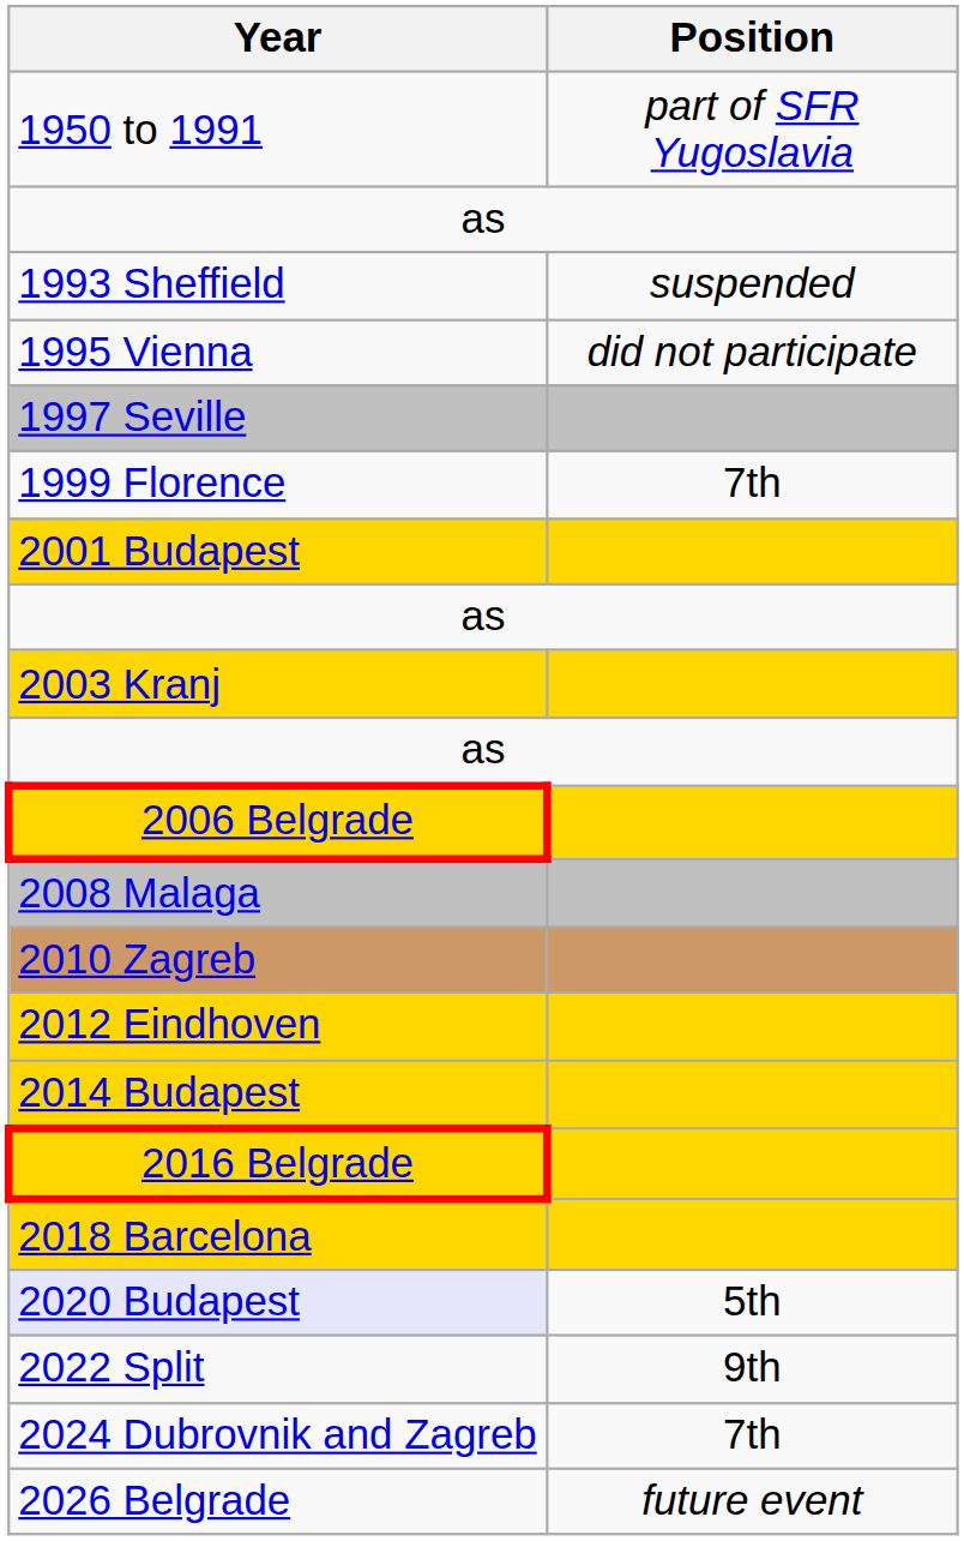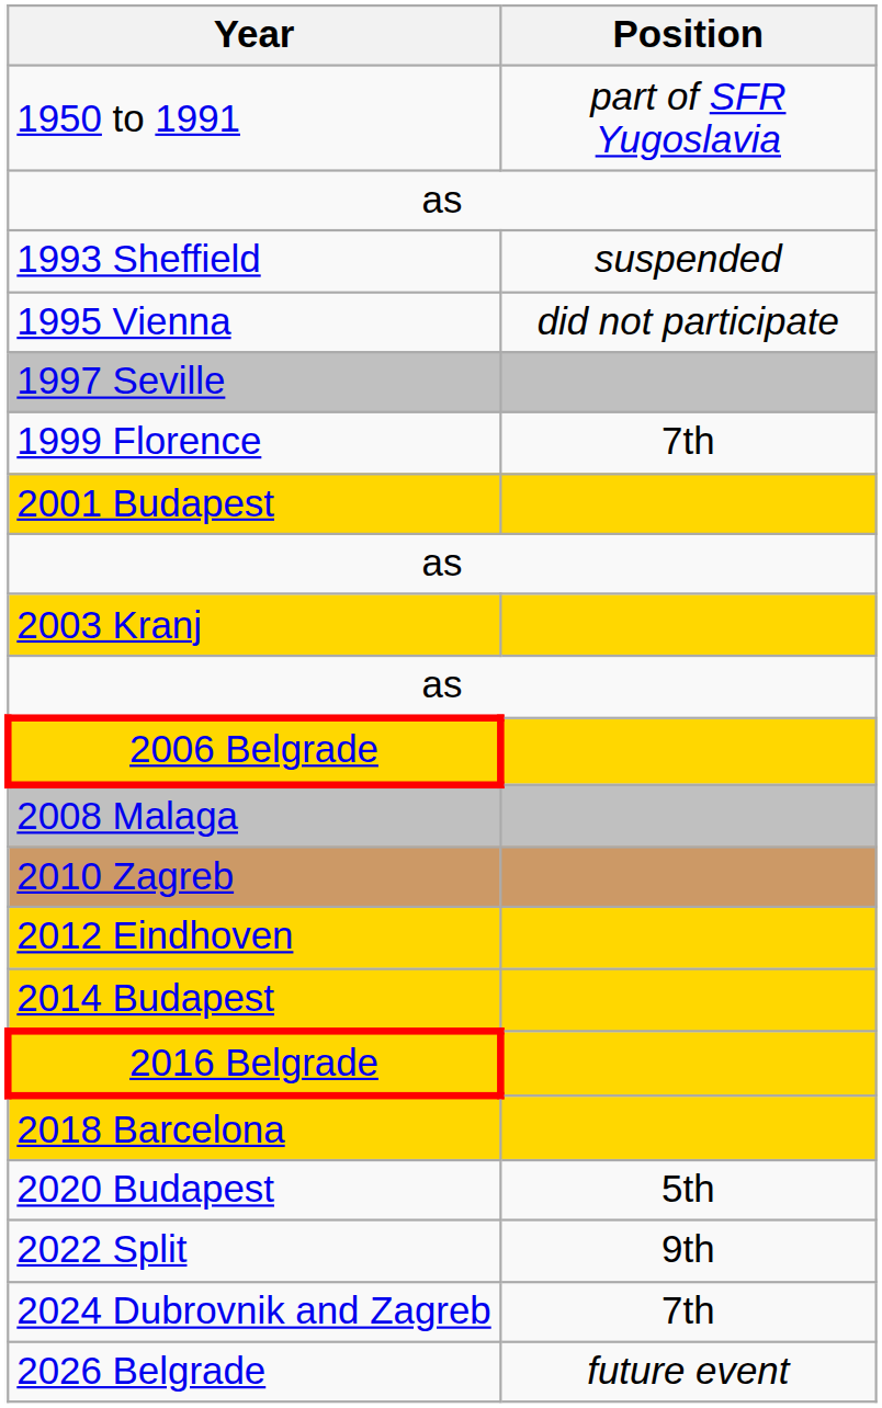 <table class="wikitable" style="text-align: center;">
 <tr>
 <th>Year</th>
 <th width="150">Position</th>
 </tr>
 <tr>
 <td style="text-align: left;"><a href='#'>1950</a> to <a href='#'>1991</a></td>
 <td colspan=4><em>part of <a href='#'>SFR Yugoslavia</a></em></td>
 </tr>
 <tr>
 <td colspan=5>as <strong></strong></td>
 </tr>
 <tr>
 <td style="text-align: left;"> <a href='#'>1993 Sheffield</a></td>
 <td><em>suspended</em></td>
 </tr>
 <tr>
 <td style="text-align: left;"> <a href='#'>1995 Vienna</a></td>
 <td><em>did not participate</em></td>
 </tr>
 <tr bgcolor=silver>
 <td style="text-align: left;"> <a href='#'>1997 Seville</a></td>
 <td></td>
 </tr>
 <tr>
 <td style="text-align: left;"> <a href='#'>1999 Florence</a></td>
 <td>7th</td>
 </tr>
 <tr bgcolor=gold>
 <td style="text-align: left;"> <a href='#'>2001 Budapest</a></td>
 <td></td>
 </tr>
 <tr>
 <td colspan=5>as <strong></strong></td>
 </tr>
 <tr bgcolor=gold>
 <td style="text-align: left;"> <a href='#'>2003 Kranj</a></td>
 <td></td>
 </tr>
 <tr>
 <td colspan=5>as <strong></strong></td>
 </tr>
 <tr bgcolor=gold>
 <td style="border: 3px solid red" style="text-align: left;"> <a href='#'>2006 Belgrade</a></td>
 <td></td>
 </tr>
 <tr bgcolor=silver>
 <td style="text-align: left;"> <a href='#'>2008 Malaga</a></td>
 <td></td>
 </tr>
 <tr bgcolor=cc9966>
 <td style="text-align: left;"> <a href='#'>2010 Zagreb</a></td>
 <td></td>
 </tr>
 <tr bgcolor=gold>
 <td style="text-align: left;"> <a href='#'>2012 Eindhoven</a></td>
 <td></td>
 </tr>
 <tr bgcolor=gold>
 <td style="text-align: left;"> <a href='#'>2014 Budapest</a></td>
 <td></td>
 </tr>
 <tr bgcolor=gold>
 <td style="border: 3px solid red" style="text-align: left;"> <a href='#'>2016 Belgrade</a></td>
 <td></td>
 </tr>
 <tr bgcolor=gold>
 <td style="text-align: left;"> <a href='#'>2018 Barcelona</a></td>
 <td></td>
 </tr>
 <tr>
-<td style="background: lavender; text-align: left;"> <a href='#'>2020 Budapest</a></td>
+<td style="text-align: left;"> <a href='#'>2020 Budapest</a></td>
 <td>5th</td>
 </tr>
 <tr>
 <td style="text-align: left;"> <a href='#'>2022 Split</a></td>
 <td>9th</td>
 </tr>
 <tr>
 <td style="text-align: left;"> <a href='#'>2024 Dubrovnik and Zagreb</a></td>
 <td>7th</td>
 </tr>
 <tr>
 <td style="text-align: left;"> <a href='#'>2026 Belgrade</a></td>
 <td><em>future event</em></td>
 </tr>
 </table>
